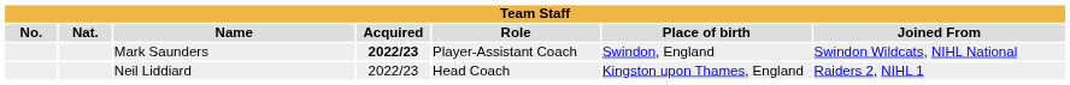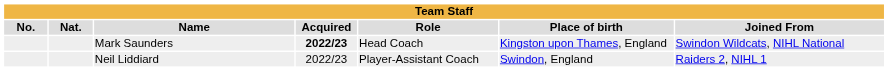 <table class="toccolours"  style="width:97%; clear:both; margin:1.5em auto; text-align:center;">
 <tr>
 <th colspan="11" style="background:#efb645; color:black;”">Team Staff</th>
 </tr>
 <tr style="background:#ddd;">
 <th width=5%>No.</th>
 <th width=5%>Nat.</th>
 <th !width=22%>Name</th>
 <th width=7%>Acquired</th>
 <th width=16%>Role</th>
 <th width=20%>Place of birth</th>
 <th width=24%>Joined From</th>
 </tr>
 <tr style="background:#eee;">
 <td></td>
 <td></td>
 <td align=left>Mark Saunders</td>
 <td><strong>2022/23</strong></td>
-<td align=left>Player-Assistant Coach</td>
-<td align=left><a href='#'>Swindon</a>, England</td>
+<td align=left>Head Coach</td>
+<td align=left><a href='#'>Kingston upon Thames</a>, England</td>
 <td align=left><a href='#'>Swindon Wildcats</a>, <a href='#'>NIHL National</a></td>
 </tr>
 <tr style="background:#eee;">
 <td></td>
 <td></td>
 <td align=left>Neil Liddiard</td>
 <td>2022/23</td>
-<td align=left>Head Coach</td>
-<td align=left><a href='#'>Kingston upon Thames</a>, England</td>
+<td align=left>Player-Assistant Coach</td>
+<td align=left><a href='#'>Swindon</a>, England</td>
 <td align=left><a href='#'>Raiders 2</a>, <a href='#'>NIHL 1</a></td>
 </tr>
 </table>
